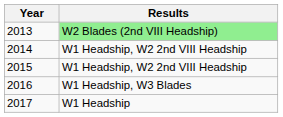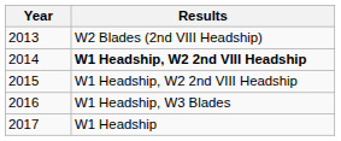 <table class="wikitable">
 <tr>
 <th width=70>Year</th>
 <th width=300>Results</th>
 </tr>
 <tr>
 <td>2013</td>
-<td style="background: lightgreen;">W2 Blades (2nd VIII Headship)</td>
+<td>W2 Blades (2nd VIII Headship)</td>
 </tr>
 <tr>
 <td>2014</td>
-<td>W1 Headship, W2 2nd VIII Headship</td>
+<td><strong>W1 Headship, W2 2nd VIII Headship</strong></td>
 </tr>
 <tr>
 <td>2015</td>
 <td>W1 Headship, W2 2nd VIII Headship</td>
 </tr>
 <tr>
 <td>2016</td>
 <td>W1 Headship, W3 Blades</td>
 </tr>
 <tr>
 <td>2017</td>
 <td>W1 Headship</td>
 </tr>
 </table>
